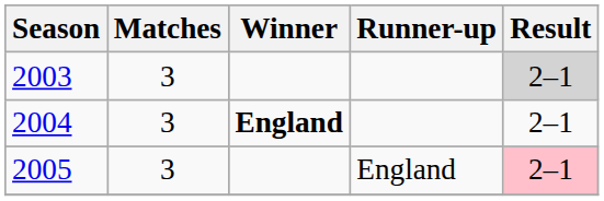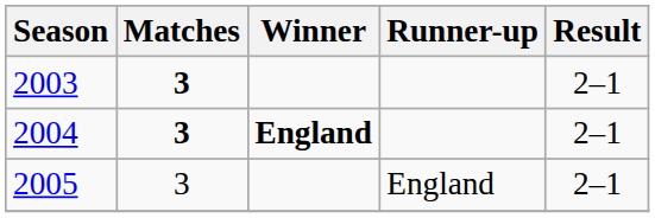 <table class="wikitable">
 <tr>
 <th>Season</th>
 <th>Matches</th>
 <th>Winner</th>
 <th>Runner-up</th>
 <th>Result</th>
 </tr>
 <tr>
 <td><a href='#'>2003</a></td>
-<td align=center>3</td>
+<td align=center><strong>3</strong></td>
 <td><strong></strong></td>
 <td></td>
-<td align=center style="background: lightgrey;">2–1</td>
+<td align=center>2–1</td>
 </tr>
 <tr>
 <td><a href='#'>2004</a></td>
-<td align=center>3</td>
+<td align=center><strong>3</strong></td>
 <td> <strong>England</strong></td>
 <td></td>
 <td align=center>2–1</td>
 </tr>
 <tr>
 <td><a href='#'>2005</a></td>
 <td align=center>3</td>
 <td><strong></strong></td>
 <td> England</td>
-<td align=center style="background: pink;">2–1</td>
+<td align=center>2–1</td>
 </tr>
 <tr>
 </tr>
 </table>
